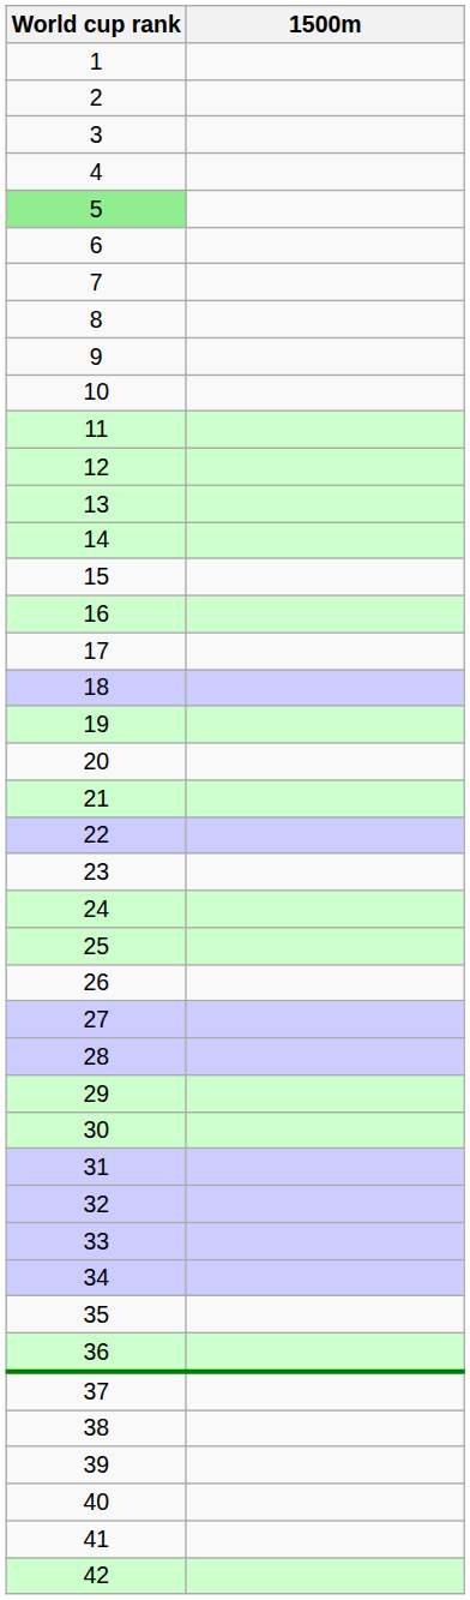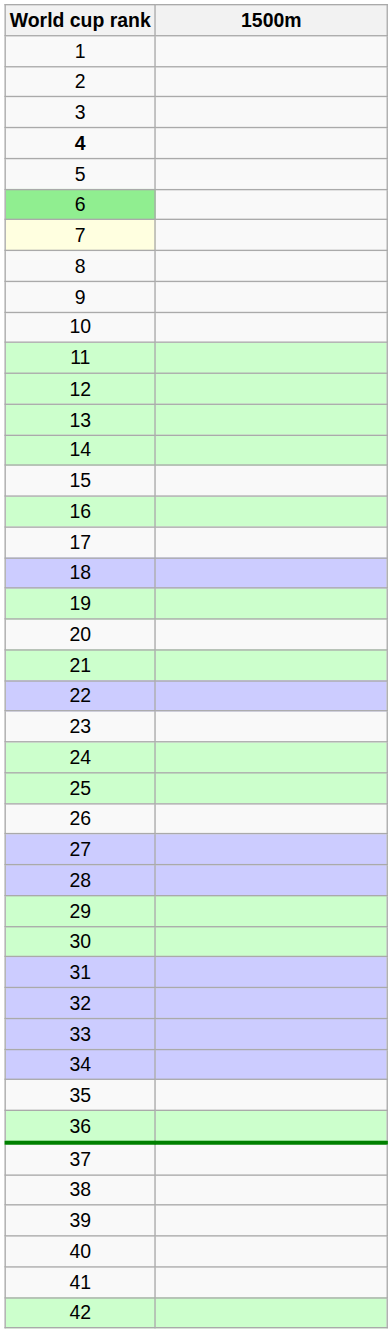 <table class="wikitable sortable" style="font-size:90%; text-align:center;margin: 1em auto 1em auto ">
 <tr>
 <th>World cup rank</th>
 <th width=165>1500m</th>
 </tr>
 <tr>
 <td>1</td>
 <td align=left></td>
 </tr>
 <tr>
 <td>2</td>
 <td align=left></td>
 </tr>
 <tr>
 <td>3</td>
 <td align=left></td>
 </tr>
 <tr>
-<td>4</td>
+<td><strong>4</strong></td>
 <td align=left></td>
 </tr>
 <tr>
-<td style="background: lightgreen;">5</td>
+<td>5</td>
 <td align=left></td>
 </tr>
 <tr>
-<td>6</td>
+<td style="background: lightgreen;">6</td>
 <td align=left></td>
 </tr>
 <tr>
-<td>7</td>
+<td style="background: lightyellow;">7</td>
 <td align=left></td>
 </tr>
 <tr>
 <td>8</td>
 <td align=left></td>
 </tr>
 <tr>
 <td>9</td>
 <td align=left></td>
 </tr>
 <tr>
 <td>10</td>
 <td align=left></td>
 </tr>
 <tr style="background: #ccffcc;">
 <td>11</td>
 <td align=left></td>
 </tr>
 <tr style="background: #ccffcc;">
 <td>12</td>
 <td align=left></td>
 </tr>
 <tr style="background: #ccffcc;">
 <td>13</td>
 <td align=left></td>
 </tr>
 <tr style="background: #ccffcc;">
 <td>14</td>
 <td align=left></td>
 </tr>
 <tr>
 <td>15</td>
 <td align=left></td>
 </tr>
 <tr style="background: #ccffcc;">
 <td>16</td>
 <td align=left></td>
 </tr>
 <tr>
 <td>17</td>
 <td align=left></td>
 </tr>
 <tr style="background: #ccccff;">
 <td>18</td>
 <td align=left></td>
 </tr>
 <tr style="background: #ccffcc;">
 <td>19</td>
 <td align=left></td>
 </tr>
 <tr>
 <td>20</td>
 <td align=left></td>
 </tr>
 <tr style="background: #ccffcc;">
 <td>21</td>
 <td align=left></td>
 </tr>
 <tr style="background: #ccccff;">
 <td>22</td>
 <td align=left></td>
 </tr>
 <tr>
 <td>23</td>
 <td align=left></td>
 </tr>
 <tr style="background: #ccffcc;">
 <td>24</td>
 <td align=left></td>
 </tr>
 <tr style="background: #ccffcc;">
 <td>25</td>
 <td align=left></td>
 </tr>
 <tr>
 <td>26</td>
 <td align=left></td>
 </tr>
 <tr style="background: #ccccff;">
 <td>27</td>
 <td align=left></td>
 </tr>
 <tr style="background: #ccccff;">
 <td>28</td>
 <td align=left></td>
 </tr>
 <tr style="background: #ccffcc;">
 <td>29</td>
 <td align=left></td>
 </tr>
 <tr style="background: #ccffcc;">
 <td>30</td>
 <td align=left></td>
 </tr>
 <tr style="background: #ccccff;">
 <td>31</td>
 <td align=left></td>
 </tr>
 <tr style="background: #ccccff;">
 <td>32</td>
 <td align=left></td>
 </tr>
 <tr style="background: #ccccff;">
 <td>33</td>
 <td align=left></td>
 </tr>
 <tr style="background: #ccccff;">
 <td>34</td>
 <td align=left></td>
 </tr>
 <tr>
 <td>35</td>
 <td align=left></td>
 </tr>
 <tr style="background: #ccffcc; border-bottom:3px solid green;">
 <td>36</td>
 <td align=left></td>
 </tr>
 <tr>
 <td>37</td>
 <td align=left></td>
 </tr>
 <tr>
 <td>38</td>
 <td align=left></td>
 </tr>
 <tr>
 <td>39</td>
 <td align=left></td>
 </tr>
 <tr>
 <td>40</td>
 <td align=left></td>
 </tr>
 <tr>
 <td>41</td>
 <td align=left></td>
 </tr>
 <tr style="background: #ccffcc;">
 <td>42</td>
 <td align=left></td>
 </tr>
 </table>
